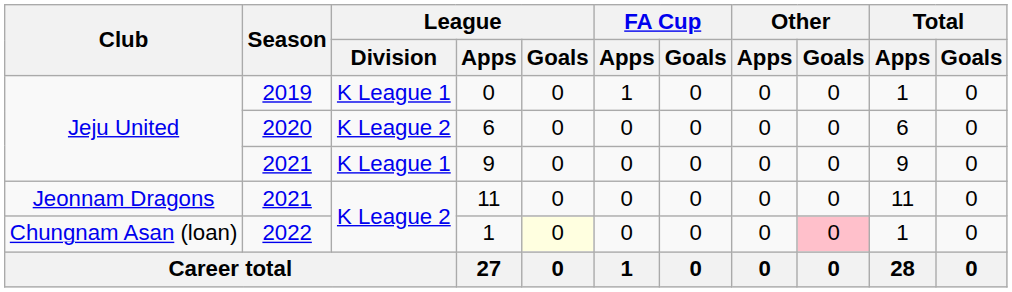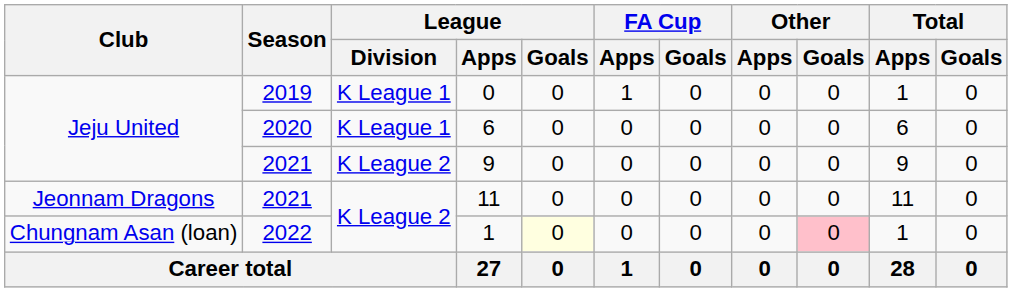 <table class="wikitable" style="text-align: center">
 <tr>
 <th rowspan="2">Club</th>
 <th rowspan="2">Season</th>
 <th colspan="3">League</th>
 <th colspan="2"><a href='#'>FA Cup</a></th>
 <th colspan="2">Other</th>
 <th colspan="2">Total</th>
 </tr>
 <tr>
 <th>Division</th>
 <th>Apps</th>
 <th>Goals</th>
 <th>Apps</th>
 <th>Goals</th>
 <th>Apps</th>
 <th>Goals</th>
 <th>Apps</th>
 <th>Goals</th>
 </tr>
 <tr>
 <td rowspan="3"><a href='#'>Jeju United</a></td>
 <td><a href='#'>2019</a></td>
 <td rowspan="1"><a href='#'>K League 1</a></td>
 <td>0</td>
 <td>0</td>
 <td>1</td>
 <td>0</td>
 <td>0</td>
 <td>0</td>
 <td>1</td>
 <td>0</td>
 </tr>
 <tr>
 <td><a href='#'>2020</a></td>
-<td rowspan="1"><a href='#'>K League 2</a></td>
+<td rowspan="1"><a href='#'>K League 1</a></td>
 <td>6</td>
 <td>0</td>
 <td>0</td>
 <td>0</td>
 <td>0</td>
 <td>0</td>
 <td>6</td>
 <td>0</td>
 </tr>
 <tr>
 <td><a href='#'>2021</a></td>
-<td rowspan="1"><a href='#'>K League 1</a></td>
+<td rowspan="1"><a href='#'>K League 2</a></td>
 <td>9</td>
 <td>0</td>
 <td>0</td>
 <td>0</td>
 <td>0</td>
 <td>0</td>
 <td>9</td>
 <td>0</td>
 </tr>
 <tr>
 <td rowspan="1"><a href='#'>Jeonnam Dragons</a></td>
 <td><a href='#'>2021</a></td>
 <td rowspan="2"><a href='#'>K League 2</a></td>
 <td>11</td>
 <td>0</td>
 <td>0</td>
 <td>0</td>
 <td>0</td>
 <td>0</td>
 <td>11</td>
 <td>0</td>
 </tr>
 <tr>
 <td rowspan="1"><a href='#'>Chungnam Asan</a> (loan)</td>
 <td><a href='#'>2022</a></td>
 <td>1</td>
 <td style="background: lightyellow;">0</td>
 <td>0</td>
 <td>0</td>
 <td>0</td>
 <td style="background: pink;">0</td>
 <td>1</td>
 <td>0</td>
 </tr>
 <tr>
 <th colspan=3>Career total</th>
 <th>27</th>
 <th>0</th>
 <th>1</th>
 <th>0</th>
 <th>0</th>
 <th>0</th>
 <th>28</th>
 <th>0</th>
 </tr>
 </table>
